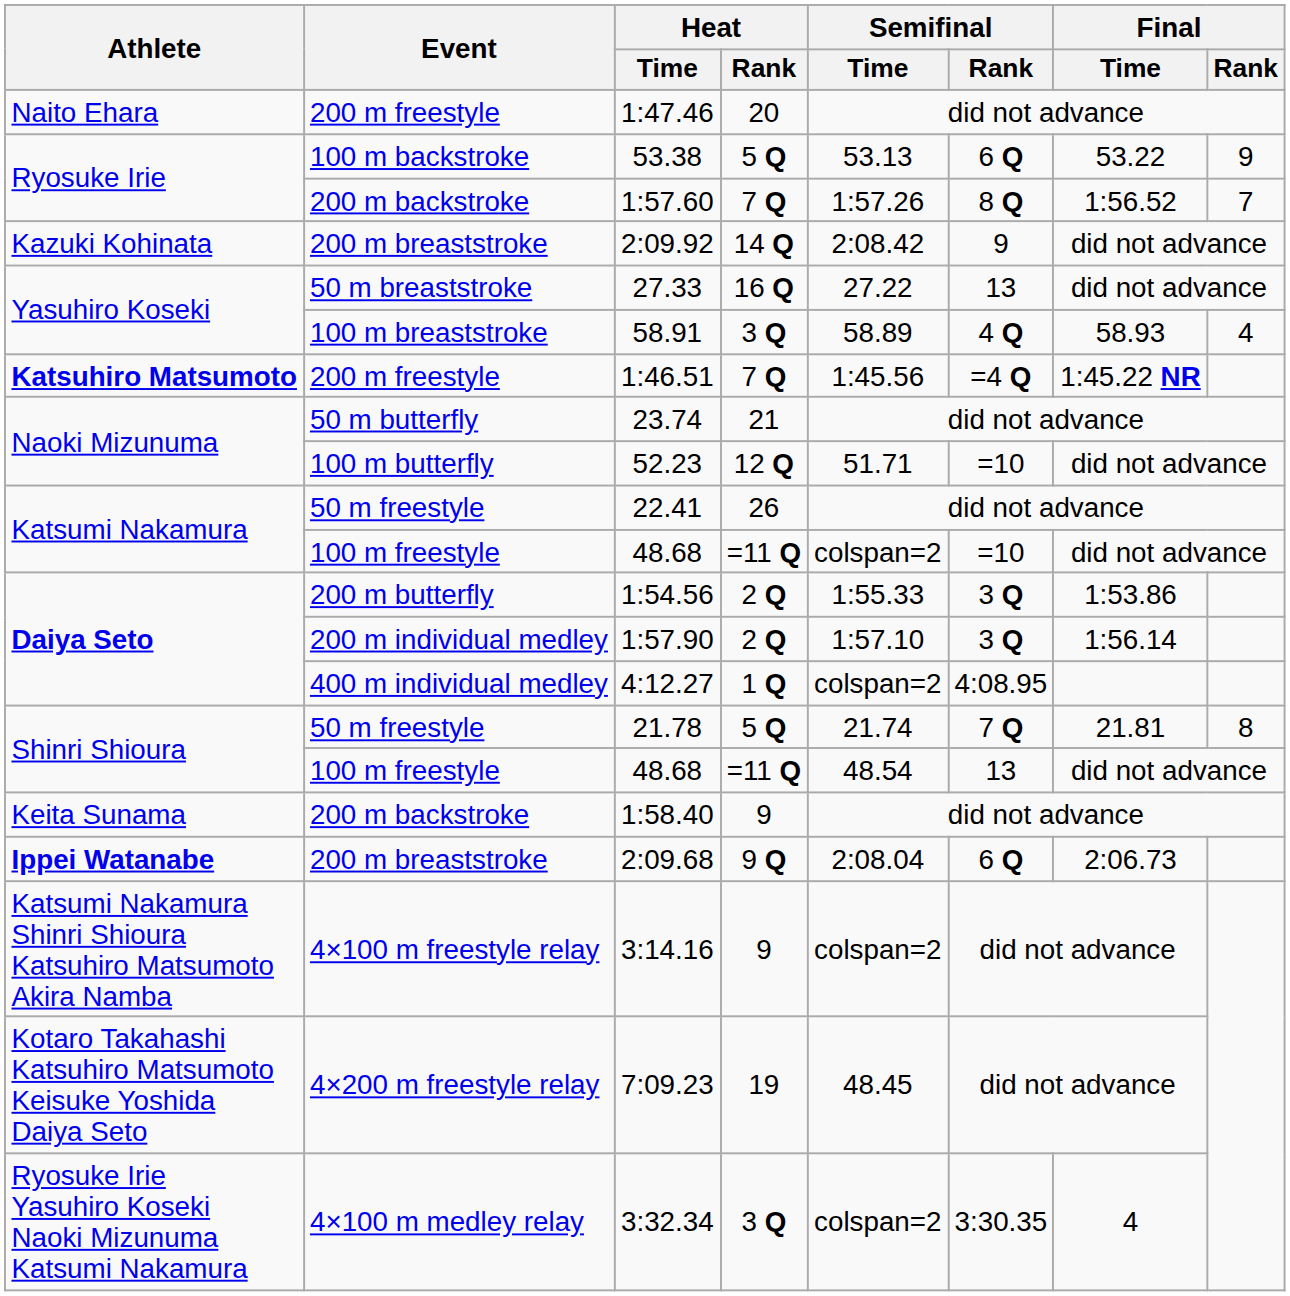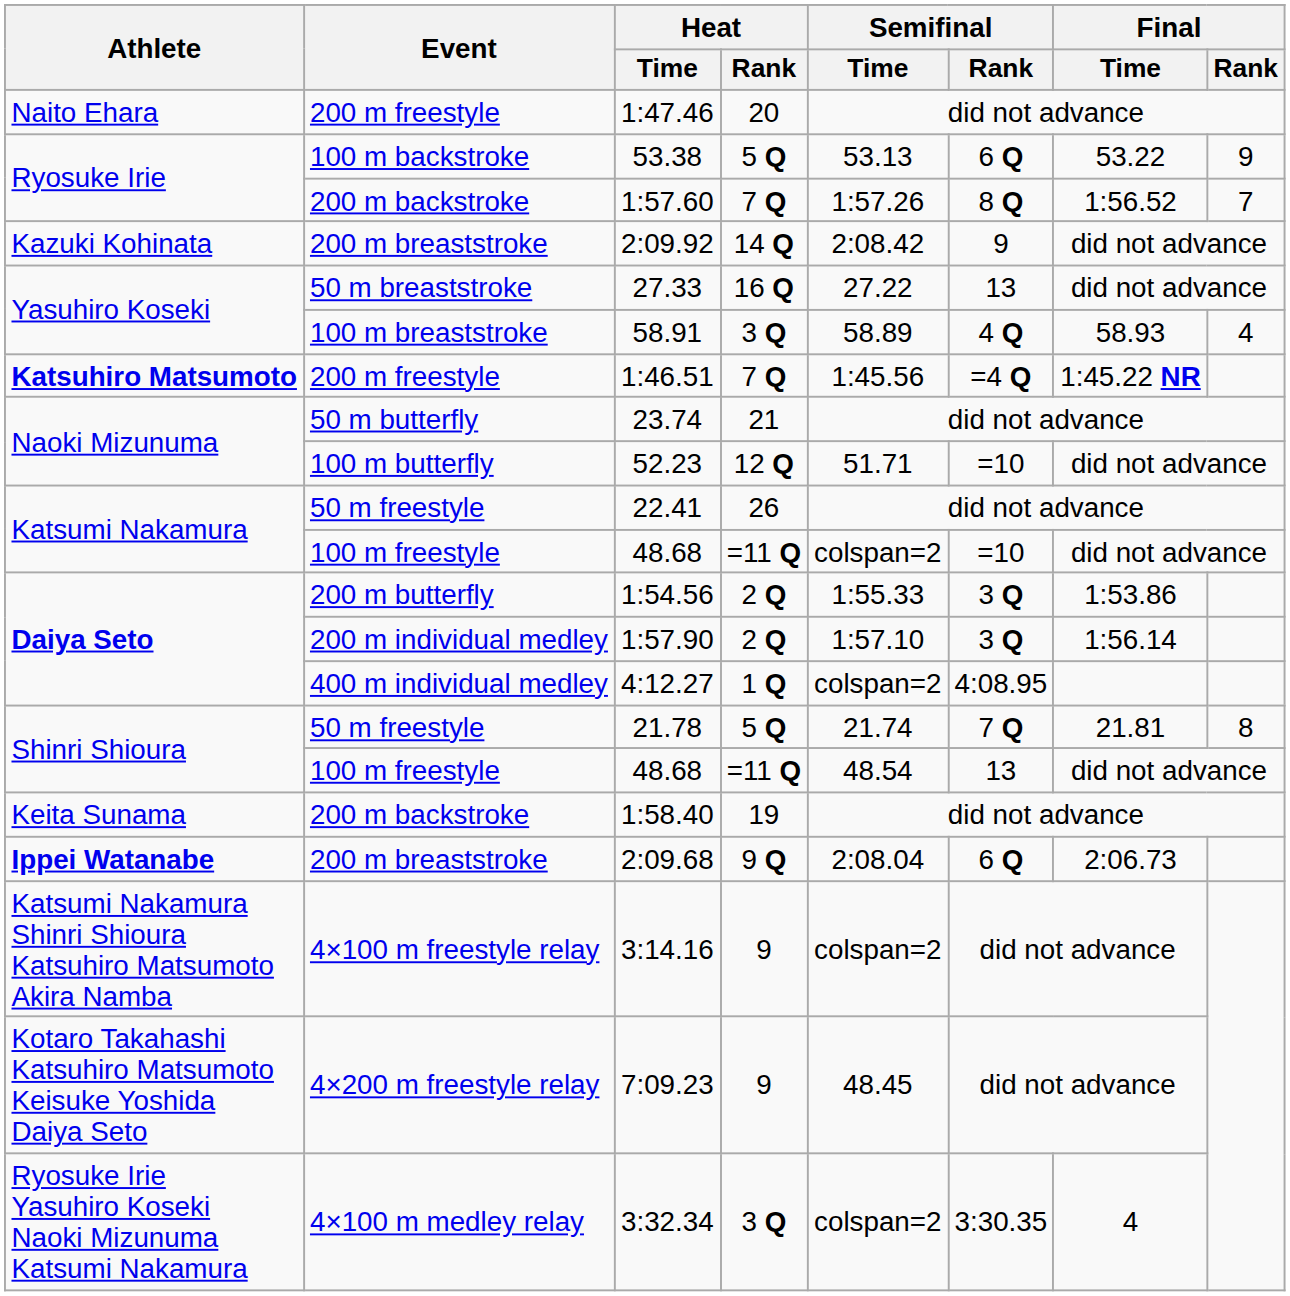 <table class="wikitable" style="text-align:center; font-size:90%">
 <tr>
 <th rowspan="2">Athlete</th>
 <th rowspan="2">Event</th>
 <th colspan="2">Heat</th>
 <th colspan="2">Semifinal</th>
 <th colspan="2">Final</th>
 </tr>
 <tr style="font-size:95%">
 <th>Time</th>
 <th>Rank</th>
 <th>Time</th>
 <th>Rank</th>
 <th>Time</th>
 <th>Rank</th>
 </tr>
 <tr>
 <td align=left><a href='#'>Naito Ehara</a></td>
 <td align=left><a href='#'>200 m freestyle</a></td>
 <td>1:47.46</td>
 <td>20</td>
 <td colspan=4>did not advance</td>
 </tr>
 <tr>
 <td align=left rowspan=2><a href='#'>Ryosuke Irie</a></td>
 <td align=left><a href='#'>100 m backstroke</a></td>
 <td>53.38</td>
 <td>5 <strong>Q</strong></td>
 <td>53.13</td>
 <td>6 <strong>Q</strong></td>
 <td>53.22</td>
 <td>9</td>
 </tr>
 <tr>
 <td align=left><a href='#'>200 m backstroke</a></td>
 <td>1:57.60</td>
 <td>7 <strong>Q</strong></td>
 <td>1:57.26</td>
 <td>8 <strong>Q</strong></td>
 <td>1:56.52</td>
 <td>7</td>
 </tr>
 <tr>
 <td align=left><a href='#'>Kazuki Kohinata</a></td>
 <td align=left><a href='#'>200 m breaststroke</a></td>
 <td>2:09.92</td>
 <td>14 <strong>Q</strong></td>
 <td>2:08.42</td>
 <td>9</td>
 <td colspan=2>did not advance</td>
 </tr>
 <tr>
 <td align=left rowspan=2><a href='#'>Yasuhiro Koseki</a></td>
 <td align=left><a href='#'>50 m breaststroke</a></td>
 <td>27.33</td>
 <td>16 <strong>Q</strong></td>
 <td>27.22</td>
 <td>13</td>
 <td colspan=2>did not advance</td>
 </tr>
 <tr>
 <td align=left><a href='#'>100 m breaststroke</a></td>
 <td>58.91</td>
 <td>3 <strong>Q</strong></td>
 <td>58.89</td>
 <td>4 <strong>Q</strong></td>
 <td>58.93</td>
 <td>4</td>
 </tr>
 <tr>
 <td align=left><strong><a href='#'>Katsuhiro Matsumoto</a></strong></td>
 <td align=left><a href='#'>200 m freestyle</a></td>
 <td>1:46.51</td>
 <td>7 <strong>Q</strong></td>
 <td>1:45.56</td>
 <td>=4 <strong>Q</strong></td>
 <td>1:45.22 <strong><a href='#'>NR</a></strong></td>
 <td></td>
 </tr>
 <tr>
 <td align=left rowspan=2><a href='#'>Naoki Mizunuma</a></td>
 <td align=left><a href='#'>50 m butterfly</a></td>
 <td>23.74</td>
 <td>21</td>
 <td colspan=4>did not advance</td>
 </tr>
 <tr>
 <td align=left><a href='#'>100 m butterfly</a></td>
 <td>52.23</td>
 <td>12 <strong>Q</strong></td>
 <td>51.71</td>
 <td>=10</td>
 <td colspan=2>did not advance</td>
 </tr>
 <tr>
 <td align=left rowspan=2><a href='#'>Katsumi Nakamura</a></td>
 <td align=left><a href='#'>50 m freestyle</a></td>
 <td>22.41</td>
 <td>26</td>
 <td colspan=4>did not advance</td>
 </tr>
 <tr>
 <td align=left><a href='#'>100 m freestyle</a></td>
 <td>48.68</td>
 <td>=11 <strong>Q</strong></td>
 <td>colspan=2 </td>
 <td>=10</td>
 <td colspan=2>did not advance</td>
 </tr>
 <tr>
 <td align=left rowspan=3><strong><a href='#'>Daiya Seto</a></strong></td>
 <td align=left><a href='#'>200 m butterfly</a></td>
 <td>1:54.56</td>
 <td>2 <strong>Q</strong></td>
 <td>1:55.33</td>
 <td>3 <strong>Q</strong></td>
 <td>1:53.86</td>
 <td></td>
 </tr>
 <tr>
 <td align=left><a href='#'>200 m individual medley</a></td>
 <td>1:57.90</td>
 <td>2 <strong>Q</strong></td>
 <td>1:57.10</td>
 <td>3 <strong>Q</strong></td>
 <td>1:56.14</td>
 <td></td>
 </tr>
 <tr>
 <td align=left><a href='#'>400 m individual medley</a></td>
 <td>4:12.27</td>
 <td>1 <strong>Q</strong></td>
 <td>colspan=2 </td>
 <td>4:08.95</td>
 <td></td>
 </tr>
 <tr>
 <td align=left rowspan=2><a href='#'>Shinri Shioura</a></td>
 <td align=left><a href='#'>50 m freestyle</a></td>
 <td>21.78</td>
 <td>5 <strong>Q</strong></td>
 <td>21.74</td>
 <td>7 <strong>Q</strong></td>
 <td>21.81</td>
 <td>8</td>
 </tr>
 <tr>
 <td align=left><a href='#'>100 m freestyle</a></td>
 <td>48.68</td>
 <td>=11 <strong>Q</strong></td>
 <td>48.54</td>
 <td>13</td>
 <td colspan=2>did not advance</td>
 </tr>
 <tr>
 <td align=left><a href='#'>Keita Sunama</a></td>
 <td align=left><a href='#'>200 m backstroke</a></td>
 <td>1:58.40</td>
-<td>9</td>
+<td>19</td>
 <td colspan=4>did not advance</td>
 </tr>
 <tr>
 <td align=left><strong><a href='#'>Ippei Watanabe</a></strong></td>
 <td align=left><a href='#'>200 m breaststroke</a></td>
 <td>2:09.68</td>
 <td>9 <strong>Q</strong></td>
 <td>2:08.04</td>
 <td>6 <strong>Q</strong></td>
 <td>2:06.73</td>
 <td></td>
 </tr>
 <tr>
 <td align=left><a href='#'>Katsumi Nakamura</a><br><a href='#'>Shinri Shioura</a><br><a href='#'>Katsuhiro Matsumoto</a><br><a href='#'>Akira Namba</a></td>
 <td align=left><a href='#'>4×100 m freestyle relay</a></td>
 <td>3:14.16</td>
 <td>9</td>
 <td>colspan=2 </td>
 <td colspan=2>did not advance</td>
 </tr>
 <tr>
 <td align=left><a href='#'>Kotaro Takahashi</a><br><a href='#'>Katsuhiro Matsumoto</a><br><a href='#'>Keisuke Yoshida</a><br><a href='#'>Daiya Seto</a></td>
 <td align=left><a href='#'>4×200 m freestyle relay</a></td>
 <td>7:09.23</td>
-<td>19</td>
+<td>9</td>
 <td>48.45</td>
 <td colspan=2>did not advance</td>
 </tr>
 <tr>
 <td align=left><a href='#'>Ryosuke Irie</a><br><a href='#'>Yasuhiro Koseki</a><br><a href='#'>Naoki Mizunuma</a><br><a href='#'>Katsumi Nakamura</a></td>
 <td align=left><a href='#'>4×100 m medley relay</a></td>
 <td>3:32.34</td>
 <td>3 <strong>Q</strong></td>
 <td>colspan=2 </td>
 <td>3:30.35</td>
 <td>4</td>
 </tr>
 </table>
